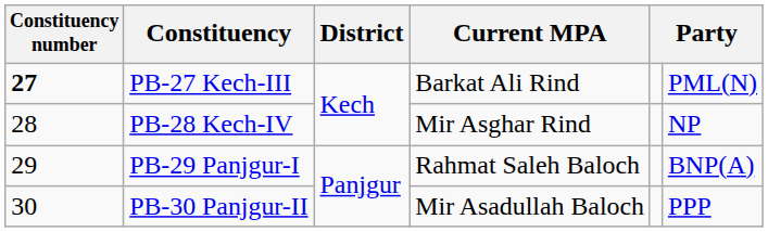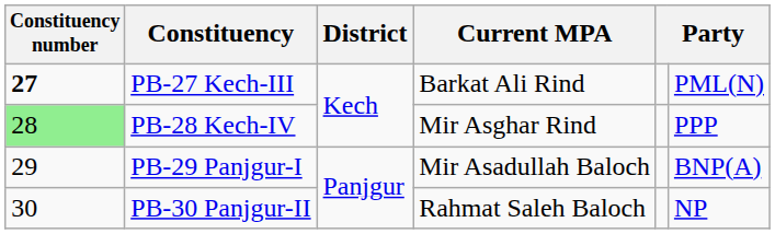 <table class="wikitable">
 <tr>
 <th width="50px" style="font-size:75%">Constituency number</th>
 <th>Constituency</th>
 <th>District</th>
 <th>Current MPA</th>
 <th colspan="2">Party</th>
 </tr>
 <tr>
 <td><strong>27</strong></td>
 <td><a href='#'>PB-27 Kech-III</a></td>
 <td rowspan="2"><a href='#'>Kech</a></td>
 <td>Barkat Ali Rind</td>
 <td></td>
 <td><a href='#'>PML(N)</a></td>
 </tr>
 <tr>
-<td>28</td>
+<td style="background: lightgreen;">28</td>
 <td><a href='#'>PB-28 Kech-IV</a></td>
 <td>Mir Asghar Rind</td>
 <td></td>
-<td><a href='#'>NP</a></td>
+<td><a href='#'>PPP</a></td>
 </tr>
 <tr>
 <td>29</td>
 <td><a href='#'>PB-29 Panjgur-I</a></td>
 <td rowspan="2"><a href='#'>Panjgur</a></td>
-<td>Rahmat Saleh Baloch</td>
+<td>Mir Asadullah Baloch</td>
 <td></td>
 <td><a href='#'>BNP(A)</a></td>
 </tr>
 <tr>
 <td>30</td>
 <td><a href='#'>PB-30 Panjgur-II</a></td>
-<td>Mir Asadullah Baloch</td>
+<td>Rahmat Saleh Baloch</td>
 <td></td>
-<td><a href='#'>PPP</a></td>
+<td><a href='#'>NP</a></td>
 </tr>
 </table>
